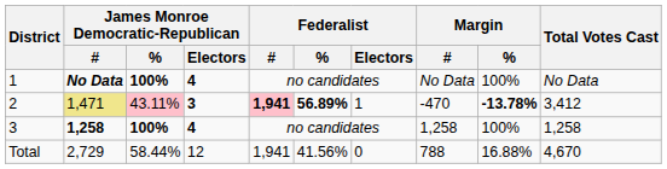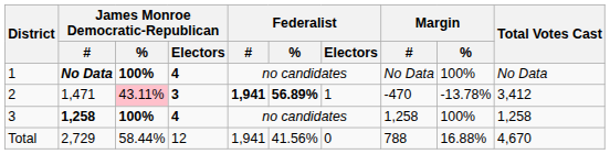 <table class="wikitable sortable">
 <tr>
 <th rowspan="2">District</th>
 <th colspan="3" >James Monroe<br>Democratic-Republican</th>
 <th colspan="3" >Federalist</th>
 <th colspan="2">Margin</th>
 <th rowspan="2">Total Votes Cast</th>
 </tr>
 <tr>
 <th>#</th>
 <th>%</th>
 <th>Electors</th>
 <th>#</th>
 <th>%</th>
 <th>Electors</th>
 <th>#</th>
 <th>%</th>
 </tr>
 <tr>
 <td>1</td>
 <td><strong><em>No Data</em></strong></td>
 <td><strong>100%</strong></td>
 <td><strong>4</strong></td>
 <td colspan=3 align=center><em>no candidates</em></td>
 <td><em>No Data</em></td>
 <td>100%</td>
 <td><em>No Data</em></td>
 </tr>
 <tr>
 <td>2</td>
-<td style="background: khaki;">1,471</td>
+<td>1,471</td>
 <td style="background: pink;">43.11%</td>
 <td><strong>3</strong></td>
-<td style="background: pink;"><strong>1,941</strong></td>
+<td><strong>1,941</strong></td>
 <td><strong>56.89%</strong></td>
 <td>1</td>
 <td>-470</td>
-<td><strong>-13.78%</strong></td>
+<td>-13.78%</td>
 <td>3,412</td>
 </tr>
 <tr>
 <td>3</td>
 <td><strong>1,258</strong></td>
 <td><strong>100%</strong></td>
 <td><strong>4</strong></td>
 <td colspan=3 align=center><em>no candidates</em></td>
 <td>1,258</td>
 <td>100%</td>
 <td>1,258</td>
 </tr>
 <tr>
 <td>Total</td>
 <td>2,729</td>
 <td>58.44%</td>
 <td>12</td>
 <td>1,941</td>
 <td>41.56%</td>
 <td>0</td>
 <td>788</td>
 <td>16.88%</td>
 <td>4,670</td>
 </tr>
 </table>
